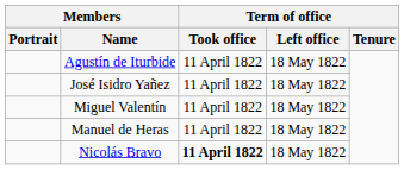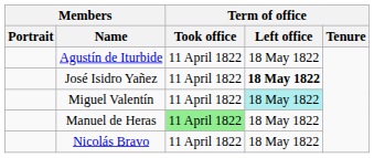 <table class="wikitable" style="text-align:center;">
 <tr>
 <th colspan="2">Members</th>
 <th colspan="3">Term of office</th>
 </tr>
 <tr>
 <th>Portrait</th>
 <th>Name</th>
 <th>Took office</th>
 <th>Left office</th>
 <th>Tenure</th>
 </tr>
 <tr>
 <td></td>
 <td><a href='#'>Agustín de Iturbide</a></td>
 <td>11 April 1822</td>
 <td>18 May 1822</td>
 <td rowspan="5"></td>
 </tr>
 <tr>
 <td></td>
 <td>José Isidro Yañez</td>
 <td>11 April 1822</td>
-<td>18 May 1822</td>
+<td><strong>18 May 1822</strong></td>
 </tr>
 <tr>
 <td></td>
 <td>Miguel Valentín</td>
 <td>11 April 1822</td>
-<td>18 May 1822</td>
+<td style="background: paleturquoise;">18 May 1822</td>
 </tr>
 <tr>
 <td></td>
 <td>Manuel de Heras</td>
-<td>11 April 1822</td>
+<td style="background: lightgreen;">11 April 1822</td>
 <td>18 May 1822</td>
 </tr>
 <tr>
 <td></td>
 <td><a href='#'>Nicolás Bravo</a></td>
-<td><strong>11 April 1822</strong></td>
+<td>11 April 1822</td>
 <td>18 May 1822</td>
 </tr>
 </table>
